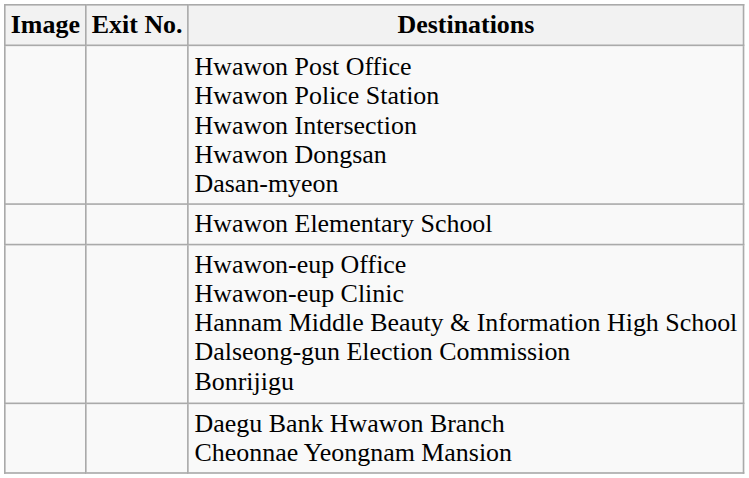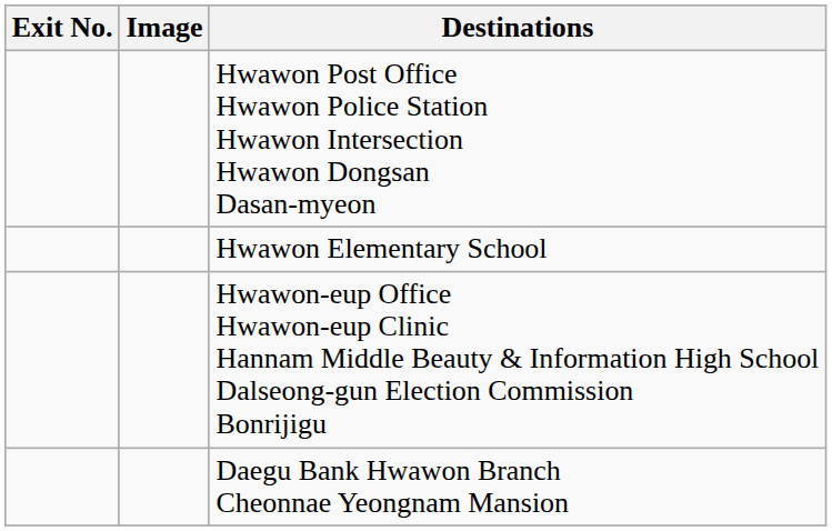 <table class="wikitable">
 <tr>
+<th>Exit No.</th>
 <th>Image</th>
-<th>Exit No.</th>
 <th>Destinations</th>
 </tr>
 <tr>
 <td></td>
 <td></td>
 <td>Hwawon Post Office<br>Hwawon Police Station<br>Hwawon Intersection<br>Hwawon Dongsan<br>Dasan-myeon</td>
 </tr>
 <tr>
 <td></td>
 <td></td>
 <td>Hwawon Elementary School</td>
 </tr>
 <tr>
 <td></td>
 <td></td>
 <td>Hwawon-eup Office<br>Hwawon-eup Clinic<br>Hannam Middle Beauty & Information High School<br>Dalseong-gun Election Commission<br>Bonrijigu</td>
 </tr>
 <tr>
 <td></td>
 <td></td>
 <td>Daegu Bank Hwawon Branch<br>Cheonnae Yeongnam Mansion</td>
 </tr>
 </table>
